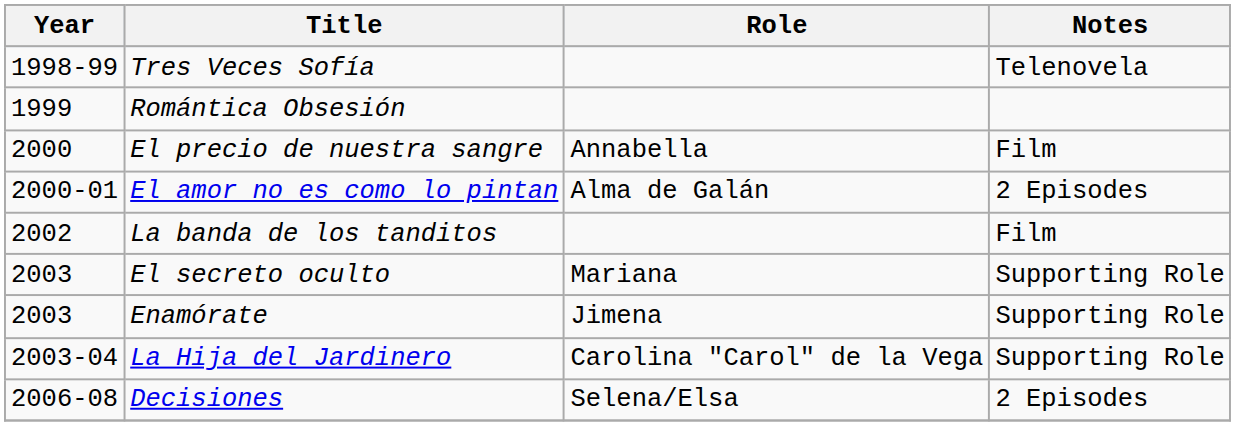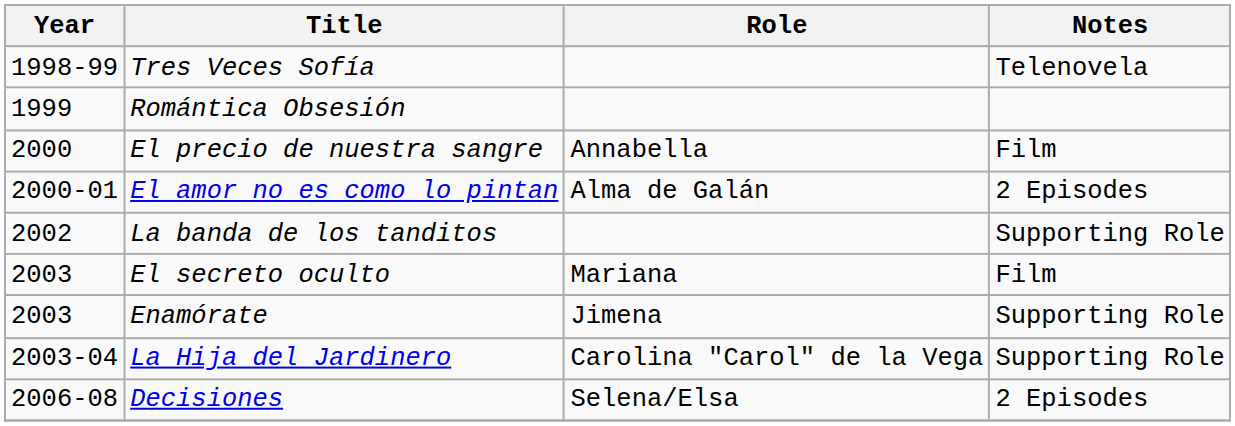 <table class="wikitable">
 <tr style="background:#b0c4de;">
 <th>Year</th>
 <th>Title</th>
 <th>Role</th>
 <th>Notes</th>
 </tr>
 <tr>
 <td>1998-99</td>
 <td><em>Tres Veces Sofía</em></td>
 <td></td>
 <td>Telenovela</td>
 </tr>
 <tr>
 <td>1999</td>
 <td><em>Romántica Obsesión</em></td>
 <td></td>
 <td></td>
 </tr>
 <tr>
 <td>2000</td>
 <td><em>El precio de nuestra sangre </em></td>
 <td>Annabella</td>
 <td>Film</td>
 </tr>
 <tr>
 <td>2000-01</td>
 <td><em><a href='#'>El amor no es como lo pintan</a></em></td>
 <td>Alma de Galán</td>
 <td>2 Episodes</td>
 </tr>
 <tr>
 <td>2002</td>
 <td><em>La banda de los tanditos</em></td>
 <td></td>
-<td>Film</td>
+<td>Supporting Role</td>
 </tr>
 <tr>
 <td>2003</td>
 <td><em>El secreto oculto</em></td>
 <td>Mariana</td>
-<td>Supporting Role</td>
+<td>Film</td>
 </tr>
 <tr>
 <td>2003</td>
 <td><em>Enamórate</em></td>
 <td>Jimena</td>
 <td>Supporting Role</td>
 </tr>
 <tr>
 <td>2003-04</td>
 <td><em><a href='#'>La Hija del Jardinero</a></em></td>
 <td>Carolina "Carol" de la Vega</td>
 <td>Supporting Role</td>
 </tr>
 <tr>
 <td>2006-08</td>
 <td><em><a href='#'>Decisiones</a></em></td>
 <td>Selena/Elsa</td>
 <td>2 Episodes</td>
 </tr>
 <tr>
 </tr>
 </table>
